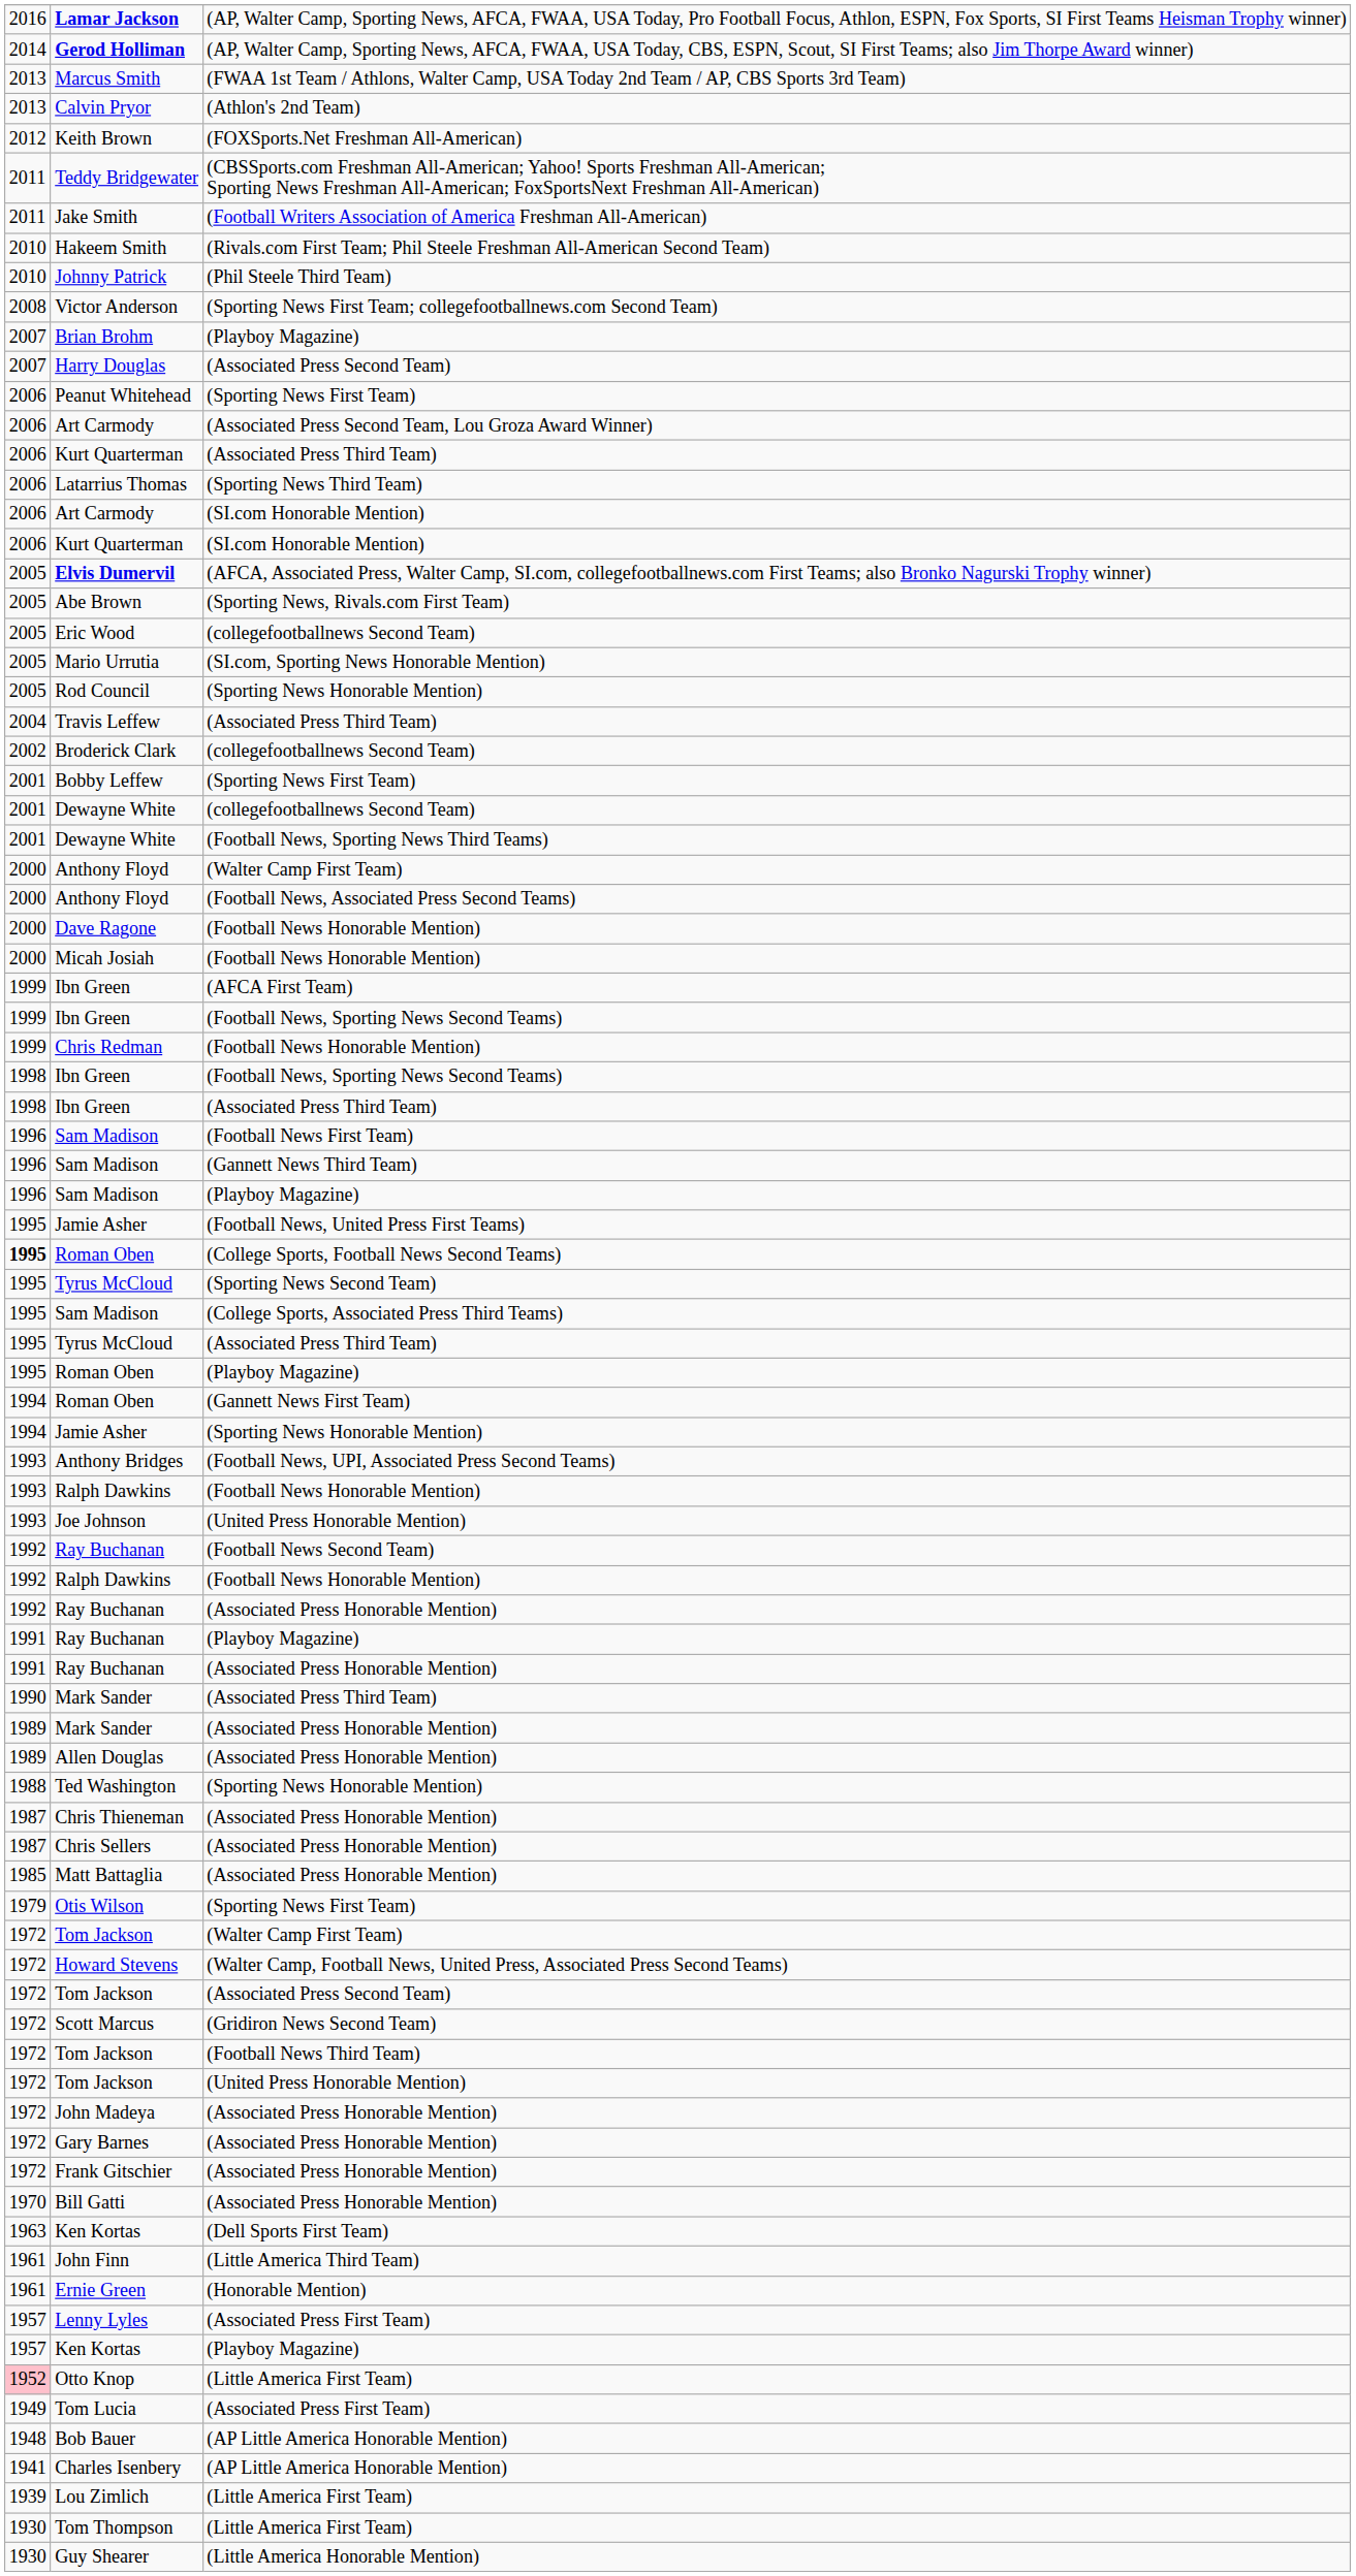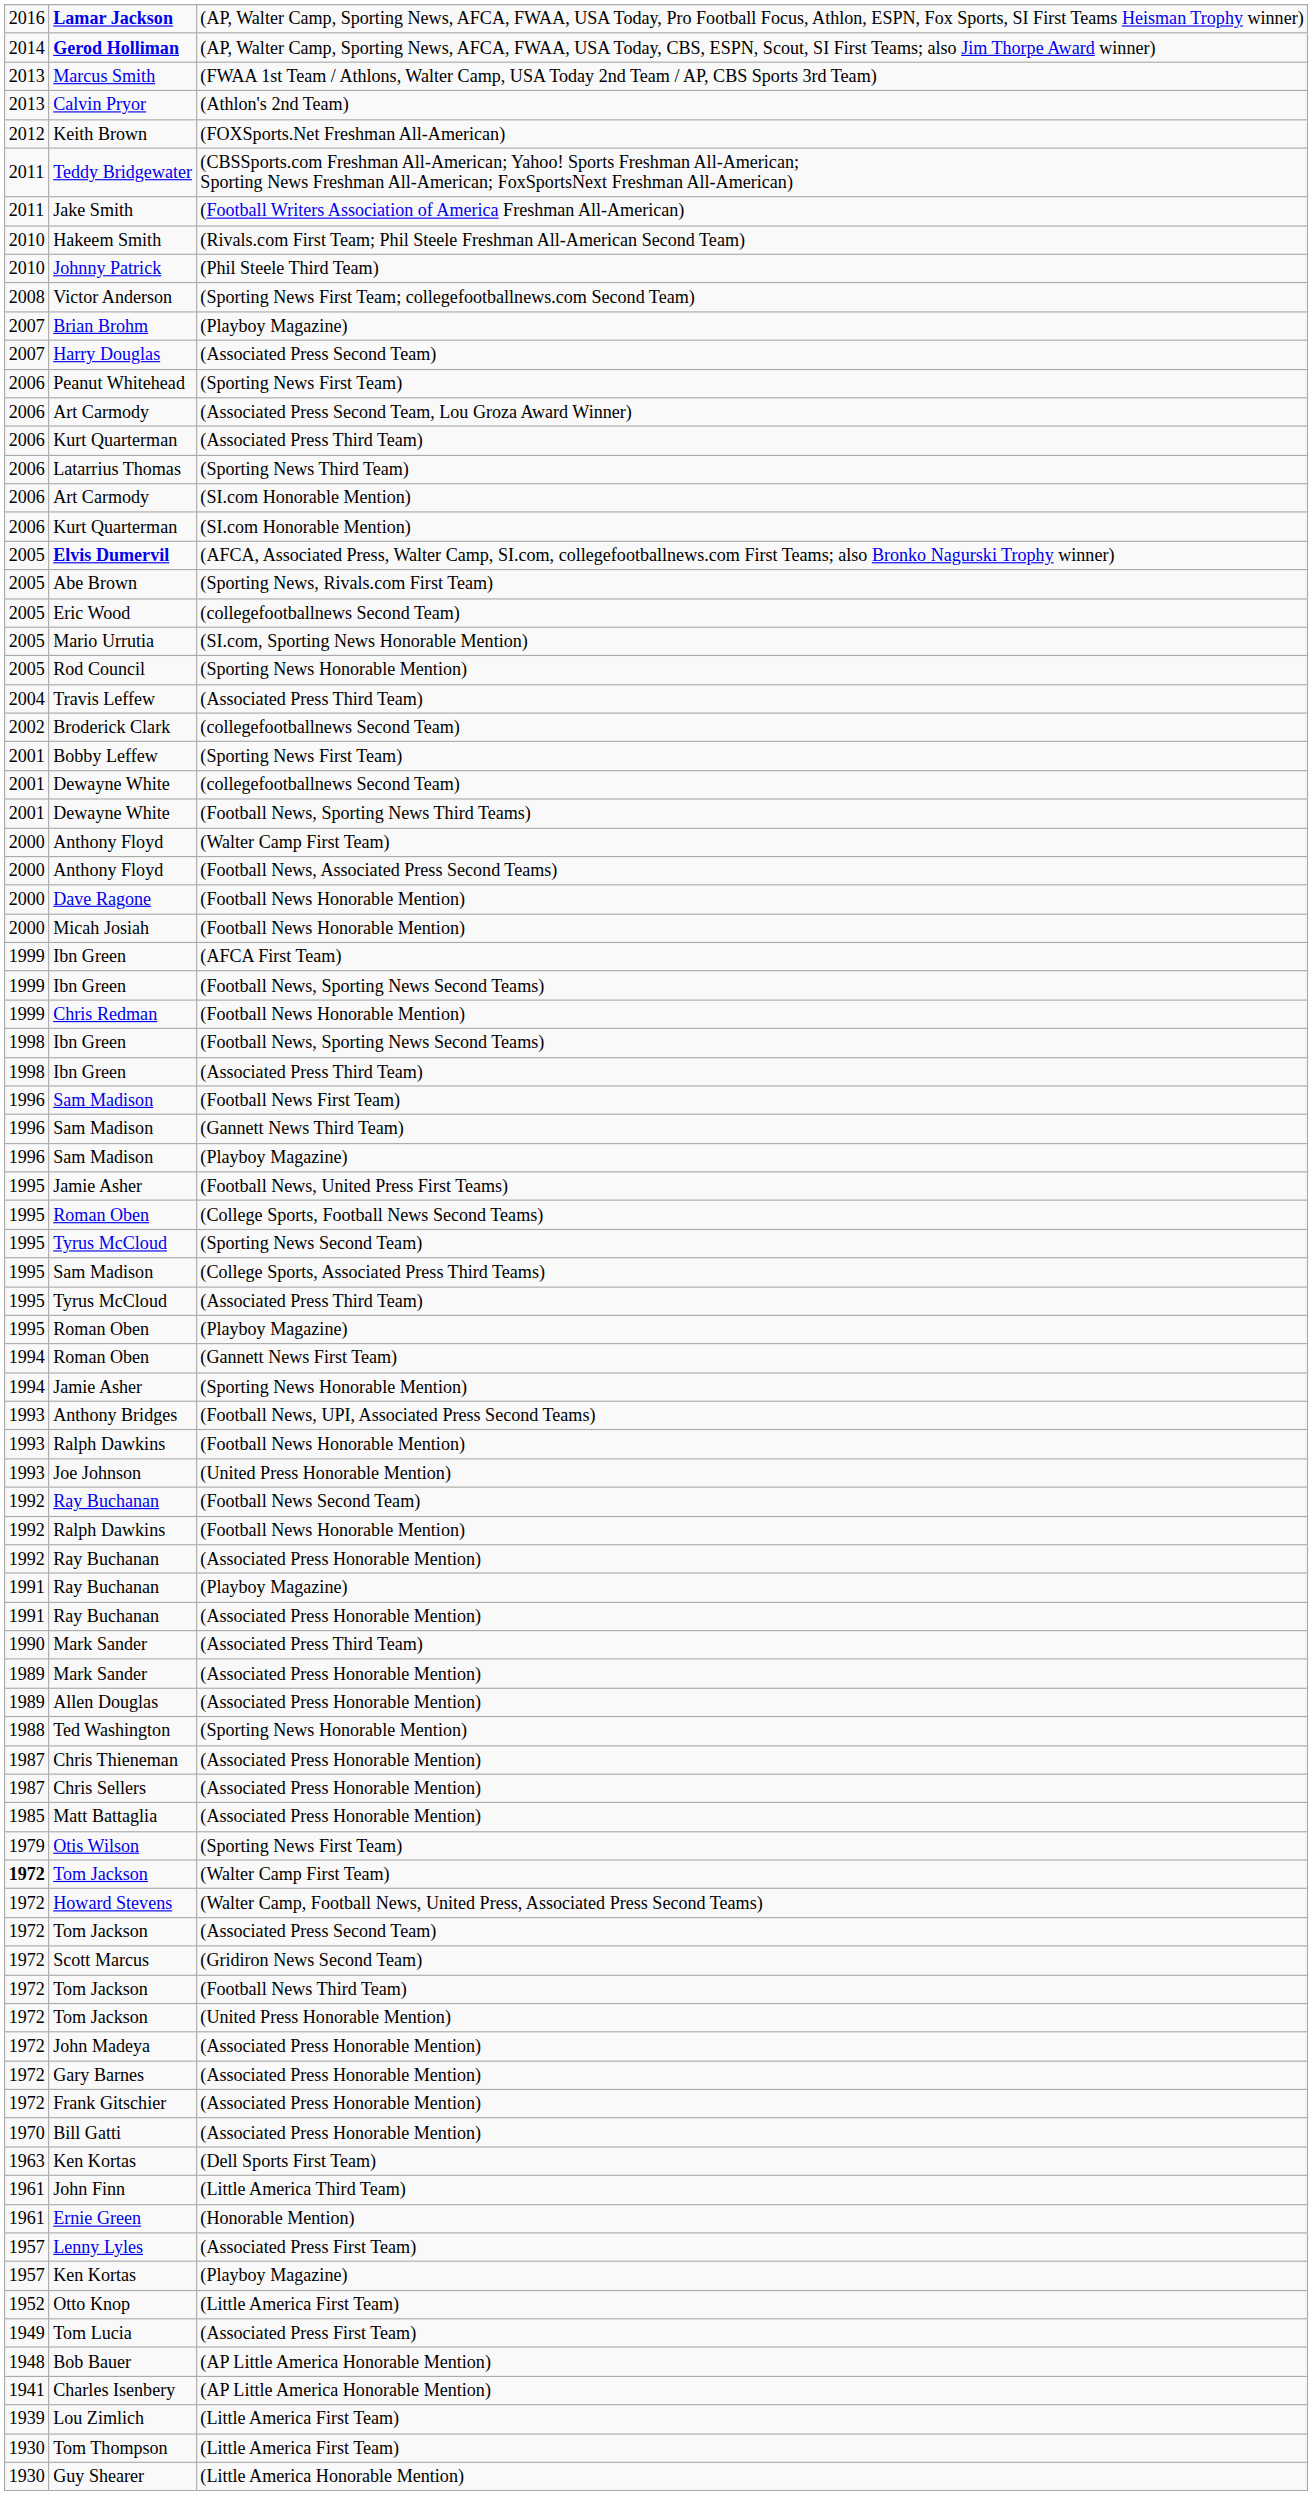 <table class="wikitable">
 <tr>
 </tr>
 <tr>
 <td>2016</td>
 <td><strong><a href='#'>Lamar Jackson</a></strong></td>
 <td>(AP, Walter Camp, Sporting News, AFCA, FWAA, USA Today, Pro Football Focus, Athlon, ESPN, Fox Sports, SI First Teams <a href='#'>Heisman Trophy</a> winner)</td>
 </tr>
 <tr>
 <td>2014</td>
 <td><strong><a href='#'>Gerod Holliman</a></strong></td>
 <td>(AP, Walter Camp, Sporting News, AFCA, FWAA, USA Today, CBS, ESPN, Scout, SI First Teams; also <a href='#'>Jim Thorpe Award</a> winner)</td>
 </tr>
 <tr>
 <td>2013</td>
 <td><a href='#'>Marcus Smith</a></td>
 <td>(FWAA 1st Team / Athlons, Walter Camp, USA Today 2nd Team / AP, CBS Sports 3rd Team)</td>
 </tr>
 <tr>
 <td>2013</td>
 <td><a href='#'>Calvin Pryor</a></td>
 <td>(Athlon's 2nd Team)</td>
 </tr>
 <tr>
 <td>2012</td>
 <td>Keith Brown</td>
 <td>(FOXSports.Net Freshman All-American)</td>
 </tr>
 <tr>
 <td>2011</td>
 <td><a href='#'>Teddy Bridgewater</a></td>
 <td>(CBSSports.com Freshman All-American; Yahoo! Sports Freshman All-American;<br>Sporting News Freshman All-American; FoxSportsNext Freshman All-American)</td>
 </tr>
 <tr>
 <td>2011</td>
 <td>Jake Smith</td>
 <td>(<a href='#'>Football Writers Association of America</a> Freshman All-American)</td>
 </tr>
 <tr>
 <td>2010</td>
 <td>Hakeem Smith</td>
 <td>(Rivals.com First Team; Phil Steele Freshman All-American Second Team)</td>
 </tr>
 <tr>
 <td>2010</td>
 <td><a href='#'>Johnny Patrick</a></td>
 <td>(Phil Steele Third Team)</td>
 </tr>
 <tr>
 <td>2008</td>
 <td>Victor Anderson</td>
 <td>(Sporting News First Team; collegefootballnews.com Second Team)</td>
 </tr>
 <tr>
 <td>2007</td>
 <td><a href='#'>Brian Brohm</a></td>
 <td>(Playboy Magazine)</td>
 </tr>
 <tr>
 <td>2007</td>
 <td><a href='#'>Harry Douglas</a></td>
 <td>(Associated Press Second Team)</td>
 </tr>
 <tr>
 <td>2006</td>
 <td>Peanut Whitehead</td>
 <td>(Sporting News First Team)</td>
 </tr>
 <tr>
 <td>2006</td>
 <td>Art Carmody</td>
 <td>(Associated Press Second Team, Lou Groza Award Winner)</td>
 </tr>
 <tr>
 <td>2006</td>
 <td>Kurt Quarterman</td>
 <td>(Associated Press Third Team)</td>
 </tr>
 <tr>
 <td>2006</td>
 <td>Latarrius Thomas</td>
 <td>(Sporting News Third Team)</td>
 </tr>
 <tr>
 <td>2006</td>
 <td>Art Carmody</td>
 <td>(SI.com Honorable Mention)</td>
 </tr>
 <tr>
 <td>2006</td>
 <td>Kurt Quarterman</td>
 <td>(SI.com Honorable Mention)</td>
 </tr>
 <tr>
 <td>2005</td>
 <td><strong><a href='#'>Elvis Dumervil</a></strong></td>
 <td>(AFCA, Associated Press, Walter Camp, SI.com, collegefootballnews.com First Teams; also <a href='#'>Bronko Nagurski Trophy</a> winner)</td>
 </tr>
 <tr>
 <td>2005</td>
 <td>Abe Brown</td>
 <td>(Sporting News, Rivals.com First Team)</td>
 </tr>
 <tr>
 <td>2005</td>
 <td>Eric Wood</td>
 <td>(collegefootballnews Second Team)</td>
 </tr>
 <tr>
 <td>2005</td>
 <td>Mario Urrutia</td>
 <td>(SI.com, Sporting News Honorable Mention)</td>
 </tr>
 <tr>
 <td>2005</td>
 <td>Rod Council</td>
 <td>(Sporting News Honorable Mention)</td>
 </tr>
 <tr>
 <td>2004</td>
 <td>Travis Leffew</td>
 <td>(Associated Press Third Team)</td>
 </tr>
 <tr>
 <td>2002</td>
 <td>Broderick Clark</td>
 <td>(collegefootballnews Second Team)</td>
 </tr>
 <tr>
 <td>2001</td>
 <td>Bobby Leffew</td>
 <td>(Sporting News First Team)</td>
 </tr>
 <tr>
 <td>2001</td>
 <td>Dewayne White</td>
 <td>(collegefootballnews Second Team)</td>
 </tr>
 <tr>
 <td>2001</td>
 <td>Dewayne White</td>
 <td>(Football News, Sporting News Third Teams)</td>
 </tr>
 <tr>
 <td>2000</td>
 <td>Anthony Floyd</td>
 <td>(Walter Camp First Team)</td>
 </tr>
 <tr>
 <td>2000</td>
 <td>Anthony Floyd</td>
 <td>(Football News, Associated Press Second Teams)</td>
 </tr>
 <tr>
 <td>2000</td>
 <td><a href='#'>Dave Ragone</a></td>
 <td>(Football News Honorable Mention)</td>
 </tr>
 <tr>
 <td>2000</td>
 <td>Micah Josiah</td>
 <td>(Football News Honorable Mention)</td>
 </tr>
 <tr>
 <td>1999</td>
 <td>Ibn Green</td>
 <td>(AFCA First Team)</td>
 </tr>
 <tr>
 <td>1999</td>
 <td>Ibn Green</td>
 <td>(Football News, Sporting News Second Teams)</td>
 </tr>
 <tr>
 <td>1999</td>
 <td><a href='#'>Chris Redman</a></td>
 <td>(Football News Honorable Mention)</td>
 </tr>
 <tr>
 <td>1998</td>
 <td>Ibn Green</td>
 <td>(Football News, Sporting News Second Teams)</td>
 </tr>
 <tr>
 <td>1998</td>
 <td>Ibn Green</td>
 <td>(Associated Press Third Team)</td>
 </tr>
 <tr>
 <td>1996</td>
 <td><a href='#'>Sam Madison</a></td>
 <td>(Football News First Team)</td>
 </tr>
 <tr>
 <td>1996</td>
 <td>Sam Madison</td>
 <td>(Gannett News Third Team)</td>
 </tr>
 <tr>
 <td>1996</td>
 <td>Sam Madison</td>
 <td>(Playboy Magazine)</td>
 </tr>
 <tr>
 <td>1995</td>
 <td>Jamie Asher</td>
 <td>(Football News, United Press First Teams)</td>
 </tr>
 <tr>
-<td><strong>1995</strong></td>
+<td>1995</td>
 <td><a href='#'>Roman Oben</a></td>
 <td>(College Sports, Football News Second Teams)</td>
 </tr>
 <tr>
 <td>1995</td>
 <td><a href='#'>Tyrus McCloud</a></td>
 <td>(Sporting News Second Team)</td>
 </tr>
 <tr>
 <td>1995</td>
 <td>Sam Madison</td>
 <td>(College Sports, Associated Press Third Teams)</td>
 </tr>
 <tr>
 <td>1995</td>
 <td>Tyrus McCloud</td>
 <td>(Associated Press Third Team)</td>
 </tr>
 <tr>
 <td>1995</td>
 <td>Roman Oben</td>
 <td>(Playboy Magazine)</td>
 </tr>
 <tr>
 <td>1994</td>
 <td>Roman Oben</td>
 <td>(Gannett News First Team)</td>
 </tr>
 <tr>
 <td>1994</td>
 <td>Jamie Asher</td>
 <td>(Sporting News Honorable Mention)</td>
 </tr>
 <tr>
 <td>1993</td>
 <td>Anthony Bridges</td>
 <td>(Football News, UPI, Associated Press Second Teams)</td>
 </tr>
 <tr>
 <td>1993</td>
 <td>Ralph Dawkins</td>
 <td>(Football News Honorable Mention)</td>
 </tr>
 <tr>
 <td>1993</td>
 <td>Joe Johnson</td>
 <td>(United Press Honorable Mention)</td>
 </tr>
 <tr>
 <td>1992</td>
 <td><a href='#'>Ray Buchanan</a></td>
 <td>(Football News Second Team)</td>
 </tr>
 <tr>
 <td>1992</td>
 <td>Ralph Dawkins</td>
 <td>(Football News Honorable Mention)</td>
 </tr>
 <tr>
 <td>1992</td>
 <td>Ray Buchanan</td>
 <td>(Associated Press Honorable Mention)</td>
 </tr>
 <tr>
 <td>1991</td>
 <td>Ray Buchanan</td>
 <td>(Playboy Magazine)</td>
 </tr>
 <tr>
 <td>1991</td>
 <td>Ray Buchanan</td>
 <td>(Associated Press Honorable Mention)</td>
 </tr>
 <tr>
 <td>1990</td>
 <td>Mark Sander</td>
 <td>(Associated Press Third Team)</td>
 </tr>
 <tr>
 <td>1989</td>
 <td>Mark Sander</td>
 <td>(Associated Press Honorable Mention)</td>
 </tr>
 <tr>
 <td>1989</td>
 <td>Allen Douglas</td>
 <td>(Associated Press Honorable Mention)</td>
 </tr>
 <tr>
 <td>1988</td>
 <td>Ted Washington</td>
 <td>(Sporting News Honorable Mention)</td>
 </tr>
 <tr>
 <td>1987</td>
 <td>Chris Thieneman</td>
 <td>(Associated Press Honorable Mention)</td>
 </tr>
 <tr>
 <td>1987</td>
 <td>Chris Sellers</td>
 <td>(Associated Press Honorable Mention)</td>
 </tr>
 <tr>
 <td>1985</td>
 <td>Matt Battaglia</td>
 <td>(Associated Press Honorable Mention)</td>
 </tr>
 <tr>
 <td>1979</td>
 <td><a href='#'>Otis Wilson</a></td>
 <td>(Sporting News First Team)</td>
 </tr>
 <tr>
-<td>1972</td>
+<td><strong>1972</strong></td>
 <td><a href='#'>Tom Jackson</a></td>
 <td>(Walter Camp First Team)</td>
 </tr>
 <tr>
 <td>1972</td>
 <td><a href='#'>Howard Stevens</a></td>
 <td>(Walter Camp, Football News, United Press, Associated Press Second Teams)</td>
 </tr>
 <tr>
 <td>1972</td>
 <td>Tom Jackson</td>
 <td>(Associated Press Second Team)</td>
 </tr>
 <tr>
 <td>1972</td>
 <td>Scott Marcus</td>
 <td>(Gridiron News Second Team)</td>
 </tr>
 <tr>
 <td>1972</td>
 <td>Tom Jackson</td>
 <td>(Football News Third Team)</td>
 </tr>
 <tr>
 <td>1972</td>
 <td>Tom Jackson</td>
 <td>(United Press Honorable Mention)</td>
 </tr>
 <tr>
 <td>1972</td>
 <td>John Madeya</td>
 <td>(Associated Press Honorable Mention)</td>
 </tr>
 <tr>
 <td>1972</td>
 <td>Gary Barnes</td>
 <td>(Associated Press Honorable Mention)</td>
 </tr>
 <tr>
 <td>1972</td>
 <td>Frank Gitschier</td>
 <td>(Associated Press Honorable Mention)</td>
 </tr>
 <tr>
 <td>1970</td>
 <td>Bill Gatti</td>
 <td>(Associated Press Honorable Mention)</td>
 </tr>
 <tr>
 <td>1963</td>
 <td>Ken Kortas</td>
 <td>(Dell Sports First Team)</td>
 </tr>
 <tr>
 <td>1961</td>
 <td>John Finn</td>
 <td>(Little America Third Team)</td>
 </tr>
 <tr>
 <td>1961</td>
 <td><a href='#'>Ernie Green</a></td>
 <td>(Honorable Mention)</td>
 </tr>
 <tr>
 <td>1957</td>
 <td><a href='#'>Lenny Lyles</a></td>
 <td>(Associated Press First Team)</td>
 </tr>
 <tr>
 <td>1957</td>
 <td>Ken Kortas</td>
 <td>(Playboy Magazine)</td>
 </tr>
 <tr>
-<td style="background: pink;">1952</td>
+<td>1952</td>
 <td>Otto Knop</td>
 <td>(Little America First Team)</td>
 </tr>
 <tr>
 <td>1949</td>
 <td>Tom Lucia</td>
 <td>(Associated Press First Team)</td>
 </tr>
 <tr>
 <td>1948</td>
 <td>Bob Bauer</td>
 <td>(AP Little America Honorable Mention)</td>
 </tr>
 <tr>
 <td>1941</td>
 <td>Charles Isenbery</td>
 <td>(AP Little America Honorable Mention)</td>
 </tr>
 <tr>
 <td>1939</td>
 <td>Lou Zimlich</td>
 <td>(Little America First Team)</td>
 </tr>
 <tr>
 <td>1930</td>
 <td>Tom Thompson</td>
 <td>(Little America First Team)</td>
 </tr>
 <tr>
 <td>1930</td>
 <td>Guy Shearer</td>
 <td>(Little America Honorable Mention)</td>
 </tr>
 </table>
